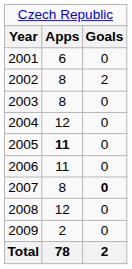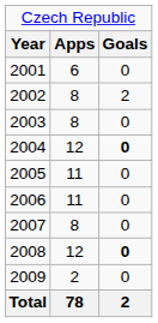 <table class="wikitable" style="text-align:center">
 <tr>
 <td colspan=3><a href='#'>Czech Republic</a></td>
 </tr>
 <tr>
 <th>Year</th>
 <th>Apps</th>
 <th>Goals</th>
 </tr>
 <tr>
 <td>2001</td>
 <td>6</td>
 <td>0</td>
 </tr>
 <tr>
 <td>2002</td>
 <td>8</td>
 <td>2</td>
 </tr>
 <tr>
 <td>2003</td>
 <td>8</td>
 <td>0</td>
 </tr>
 <tr>
 <td>2004</td>
 <td>12</td>
-<td>0</td>
+<td><strong>0</strong></td>
 </tr>
 <tr>
 <td>2005</td>
-<td><strong>11</strong></td>
+<td>11</td>
 <td>0</td>
 </tr>
 <tr>
 <td>2006</td>
 <td>11</td>
 <td>0</td>
 </tr>
 <tr>
 <td>2007</td>
 <td>8</td>
-<td><strong>0</strong></td>
+<td>0</td>
 </tr>
 <tr>
 <td>2008</td>
 <td>12</td>
-<td>0</td>
+<td><strong>0</strong></td>
 </tr>
 <tr>
 <td>2009</td>
 <td>2</td>
 <td>0</td>
 </tr>
 <tr>
 <th>Total</th>
 <th>78</th>
 <th>2</th>
 </tr>
 </table>
